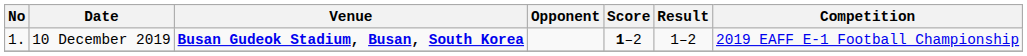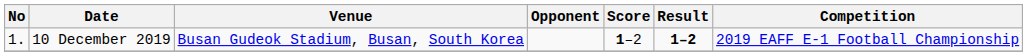 <table class="wikitable">
 <tr>
 <th>No</th>
 <th>Date</th>
 <th>Venue</th>
 <th>Opponent</th>
 <th>Score</th>
 <th>Result</th>
 <th>Competition</th>
 </tr>
 <tr>
 <td>1.</td>
 <td>10 December 2019</td>
-<td><strong><a href='#'>Busan Gudeok Stadium</a>, <a href='#'>Busan</a>, <a href='#'>South Korea</a></strong></td>
+<td><a href='#'>Busan Gudeok Stadium</a>, <a href='#'>Busan</a>, <a href='#'>South Korea</a></td>
 <td></td>
 <td align=center><strong>1</strong>–2</td>
-<td align=center>1–2</td>
+<td align=center><strong>1–2</strong></td>
 <td><a href='#'>2019 EAFF E-1 Football Championship</a></td>
 </tr>
 <tr>
 </tr>
 </table>
